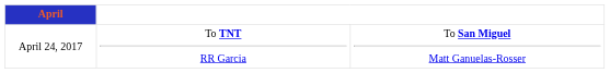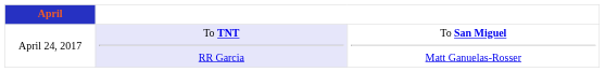 <table border=1 style="border-collapse:collapse; text-align: center; width: 100%" bordercolor="#DFDFDF"  cellpadding="5">
 <tr bgcolor="eeeeee">
 <th style="background:#2631C2; color:#F05B28; ">April</th>
 </tr>
 <tr>
 <td style="width:12%">April 24, 2017</td>
-<td style="width:33.3%" valign="top">To <strong><a href='#'>TNT</a></strong><hr><a href='#'>RR Garcia</a></td>
+<td style="background: lavender; width:33.3%" valign="top">To <strong><a href='#'>TNT</a></strong><hr><a href='#'>RR Garcia</a></td>
 <td style="width:33.3%" valign="top">To <strong><a href='#'>San Miguel</a></strong><hr><a href='#'>Matt Ganuelas-Rosser</a></td>
 </tr>
 </table>
